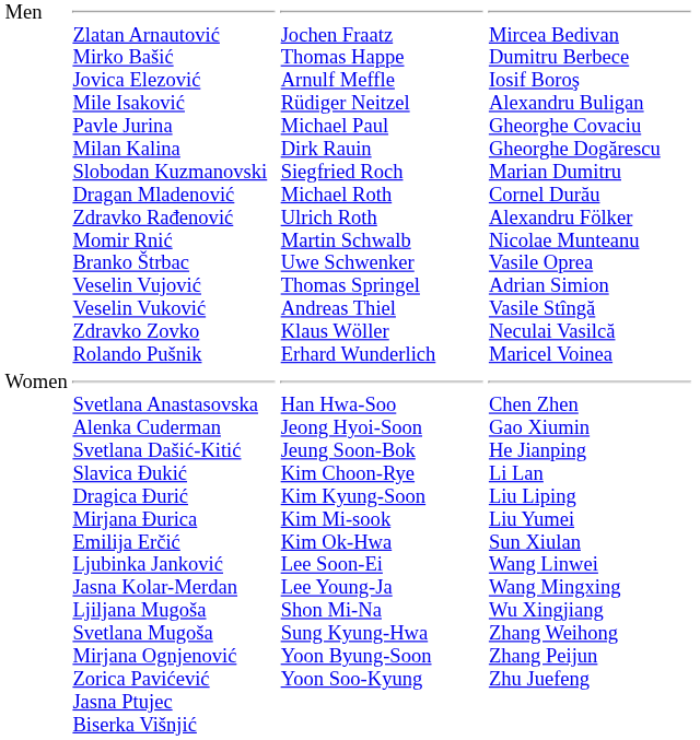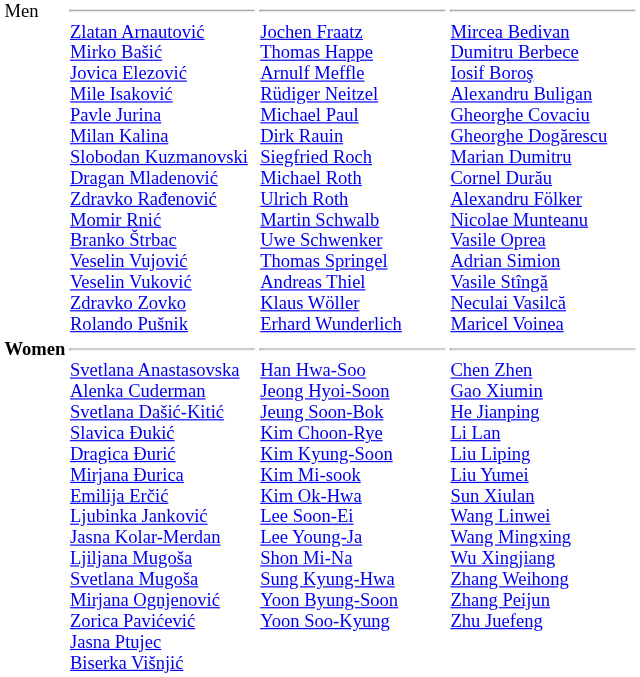 <table>
 <tr valign=top>
 <td>Men <br></td>
 <td width=160><hr> <a href='#'>Zlatan Arnautović</a><br><a href='#'>Mirko Bašić</a><br><a href='#'>Jovica Elezović</a><br><a href='#'>Mile Isaković</a><br><a href='#'>Pavle Jurina</a><br><a href='#'>Milan Kalina</a><br><a href='#'>Slobodan Kuzmanovski</a><br><a href='#'>Dragan Mladenović</a><br><a href='#'>Zdravko Rađenović</a><br><a href='#'>Momir Rnić</a><br><a href='#'>Branko Štrbac</a><br><a href='#'>Veselin Vujović</a><br><a href='#'>Veselin Vuković</a><br><a href='#'>Zdravko Zovko</a><br><a href='#'>Rolando Pušnik</a></td>
 <td width=160><hr> <a href='#'>Jochen Fraatz</a><br><a href='#'>Thomas Happe</a><br><a href='#'>Arnulf Meffle</a><br><a href='#'>Rüdiger Neitzel</a><br><a href='#'>Michael Paul</a><br><a href='#'>Dirk Rauin</a><br><a href='#'>Siegfried Roch</a><br><a href='#'>Michael Roth</a><br><a href='#'>Ulrich Roth</a><br><a href='#'>Martin Schwalb</a><br><a href='#'>Uwe Schwenker</a><br><a href='#'>Thomas Springel</a><br><a href='#'>Andreas Thiel</a><br><a href='#'>Klaus Wöller</a><br><a href='#'>Erhard Wunderlich</a></td>
 <td width=160><hr> <a href='#'>Mircea Bedivan</a><br><a href='#'>Dumitru Berbece</a><br><a href='#'>Iosif Boroş</a><br><a href='#'>Alexandru Buligan</a><br><a href='#'>Gheorghe Covaciu</a><br><a href='#'>Gheorghe Dogărescu</a><br><a href='#'>Marian Dumitru</a><br><a href='#'>Cornel Durău</a><br><a href='#'>Alexandru Fölker</a><br><a href='#'>Nicolae Munteanu</a><br><a href='#'>Vasile Oprea</a><br><a href='#'>Adrian Simion</a><br><a href='#'>Vasile Stîngă</a><br><a href='#'>Neculai Vasilcă</a><br><a href='#'>Maricel Voinea</a></td>
 </tr>
 <tr valign=top>
-<td>Women <br></td>
+<td><strong>Women <br></strong></td>
 <td><hr> <a href='#'>Svetlana Anastasovska</a><br><a href='#'>Alenka Cuderman</a><br><a href='#'>Svetlana Dašić-Kitić</a><br><a href='#'>Slavica Đukić</a><br><a href='#'>Dragica Đurić</a><br><a href='#'>Mirjana Đurica</a><br><a href='#'>Emilija Erčić</a><br><a href='#'>Ljubinka Janković</a><br><a href='#'>Jasna Kolar-Merdan</a><br><a href='#'>Ljiljana Mugoša</a><br><a href='#'>Svetlana Mugoša</a><br><a href='#'>Mirjana Ognjenović</a><br><a href='#'>Zorica Pavićević</a><br><a href='#'>Jasna Ptujec</a><br><a href='#'>Biserka Višnjić</a></td>
 <td><hr> <a href='#'>Han Hwa-Soo</a><br><a href='#'>Jeong Hyoi-Soon</a><br><a href='#'>Jeung Soon-Bok</a><br><a href='#'>Kim Choon-Rye</a><br><a href='#'>Kim Kyung-Soon</a><br><a href='#'>Kim Mi-sook</a><br><a href='#'>Kim Ok-Hwa</a><br><a href='#'>Lee Soon-Ei</a><br><a href='#'>Lee Young-Ja</a><br><a href='#'>Shon Mi-Na</a><br><a href='#'>Sung Kyung-Hwa</a><br><a href='#'>Yoon Byung-Soon</a><br><a href='#'>Yoon Soo-Kyung</a></td>
 <td><hr> <a href='#'>Chen Zhen</a><br><a href='#'>Gao Xiumin</a><br> <a href='#'>He Jianping</a><br><a href='#'>Li Lan</a><br><a href='#'>Liu Liping</a><br><a href='#'>Liu Yumei</a><br><a href='#'>Sun Xiulan</a><br><a href='#'>Wang Linwei</a><br><a href='#'>Wang Mingxing</a><br><a href='#'>Wu Xingjiang</a><br><a href='#'>Zhang Weihong</a><br><a href='#'>Zhang Peijun</a><br><a href='#'>Zhu Juefeng</a></td>
 </tr>
 </table>
